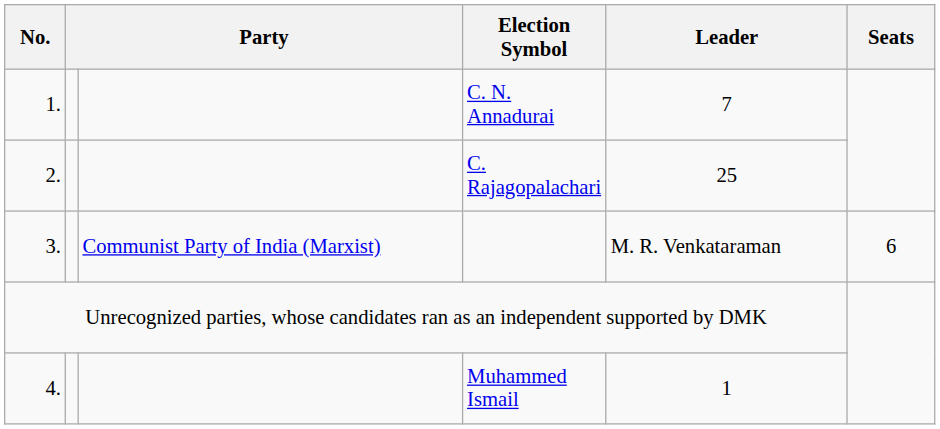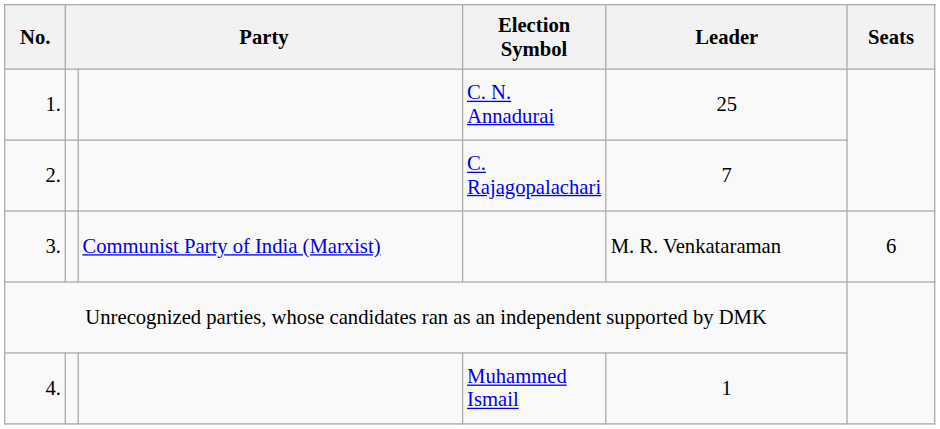 <table class="wikitable">
 <tr style="height: 50px;">
 <th scope="col" style="width:40px;">No.<br></th>
 <th scope="col" style="width:300px;"colspan="2">Party</th>
 <th scope="col" style="width:80px;">Election Symbol</th>
 <th scope="col" style="width:180px;">Leader</th>
 <th scope="col" style="width:60px;">Seats</th>
 </tr>
 <tr style="height: 55px;">
 <td style="text-align:right;">1.</td>
 <td></td>
 <td style="text-align:center;"><br></td>
 <td><a href='#'>C. N. Annadurai</a></td>
-<td style="text-align:center;">7</td>
+<td style="text-align:center;">25</td>
 </tr>
 <tr style="height: 55px;">
 <td style="text-align:right;">2.</td>
 <td></td>
 <td style="text-align:center;"></td>
 <td><a href='#'>C. Rajagopalachari</a></td>
-<td style="text-align:center;">25</td>
+<td style="text-align:center;">7</td>
 </tr>
 <tr style="height: 55px;">
 <td style="text-align:right;">3.</td>
 <td></td>
 <td><a href='#'>Communist Party of India  (Marxist)</a></td>
 <td style="text-align:center;"></td>
 <td>M. R. Venkataraman</td>
 <td style="text-align:center;">6</td>
 </tr>
 <tr style="height: 55px;">
 <td colspan = "5" align = "center">Unrecognized parties, whose candidates ran as an independent supported by DMK</td>
 </tr>
 <tr style="height: 55px;">
 <td style="text-align:right;">4.</td>
 <td></td>
 <td style="text-align:center;"></td>
 <td><a href='#'>Muhammed Ismail</a></td>
 <td style="text-align:center;">1</td>
 </tr>
 </table>
